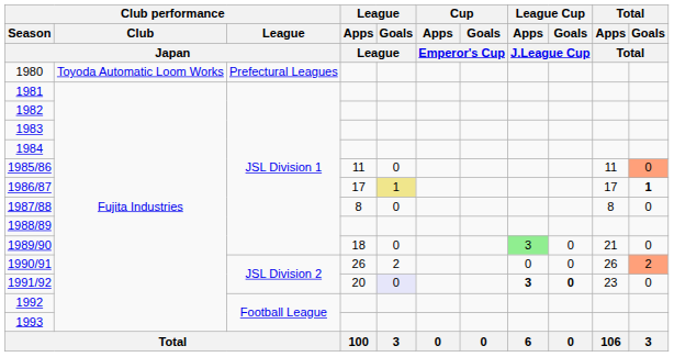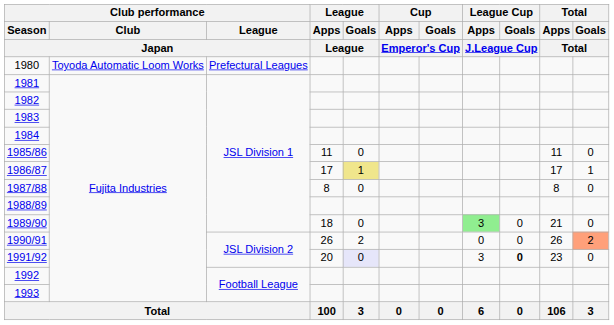 <table class="wikitable" style="text-align:center;">
 <tr>
 <th colspan=3>Club performance</th>
 <th colspan=2>League</th>
 <th colspan=2>Cup</th>
 <th colspan=2>League Cup</th>
 <th colspan=2>Total</th>
 </tr>
 <tr>
 <th>Season</th>
 <th>Club</th>
 <th>League</th>
 <th>Apps</th>
 <th>Goals</th>
 <th>Apps</th>
 <th>Goals</th>
 <th>Apps</th>
 <th>Goals</th>
 <th>Apps</th>
 <th>Goals</th>
 </tr>
 <tr>
 <th colspan=3>Japan</th>
 <th colspan=2>League</th>
 <th colspan=2><a href='#'>Emperor's Cup</a></th>
 <th colspan=2><a href='#'>J.League Cup</a></th>
 <th colspan=2>Total</th>
 </tr>
 <tr>
 <td>1980</td>
 <td><a href='#'>Toyoda Automatic Loom Works</a></td>
 <td><a href='#'>Prefectural Leagues</a></td>
 <td></td>
 <td></td>
 <td></td>
 <td></td>
 <td></td>
 <td></td>
 <td></td>
 <td></td>
 </tr>
 <tr>
 <td><a href='#'>1981</a></td>
 <td rowspan="13"><a href='#'>Fujita Industries</a></td>
 <td rowspan="9"><a href='#'>JSL Division 1</a></td>
 <td></td>
 <td></td>
 <td></td>
 <td></td>
 <td></td>
 <td></td>
 <td></td>
 <td></td>
 </tr>
 <tr>
 <td><a href='#'>1982</a></td>
 <td></td>
 <td></td>
 <td></td>
 <td></td>
 <td></td>
 <td></td>
 <td></td>
 <td></td>
 </tr>
 <tr>
 <td><a href='#'>1983</a></td>
 <td></td>
 <td></td>
 <td></td>
 <td></td>
 <td></td>
 <td></td>
 <td></td>
 <td></td>
 </tr>
 <tr>
 <td><a href='#'>1984</a></td>
 <td></td>
 <td></td>
 <td></td>
 <td></td>
 <td></td>
 <td></td>
 <td></td>
 <td></td>
 </tr>
 <tr>
 <td><a href='#'>1985/86</a></td>
 <td>11</td>
 <td>0</td>
 <td></td>
 <td></td>
 <td></td>
 <td></td>
 <td>11</td>
-<td style="background: lightsalmon;">0</td>
+<td>0</td>
 </tr>
 <tr>
 <td><a href='#'>1986/87</a></td>
 <td>17</td>
 <td style="background: khaki;">1</td>
 <td></td>
 <td></td>
 <td></td>
 <td></td>
 <td>17</td>
-<td><strong>1</strong></td>
+<td>1</td>
 </tr>
 <tr>
 <td><a href='#'>1987/88</a></td>
 <td>8</td>
 <td>0</td>
 <td></td>
 <td></td>
 <td></td>
 <td></td>
 <td>8</td>
 <td>0</td>
 </tr>
 <tr>
 <td><a href='#'>1988/89</a></td>
 <td></td>
 <td></td>
 <td></td>
 <td></td>
 <td></td>
 <td></td>
 <td></td>
 <td></td>
 </tr>
 <tr>
 <td><a href='#'>1989/90</a></td>
 <td>18</td>
 <td>0</td>
 <td></td>
 <td></td>
 <td style="background: lightgreen;">3</td>
 <td>0</td>
 <td>21</td>
 <td>0</td>
 </tr>
 <tr>
 <td><a href='#'>1990/91</a></td>
 <td rowspan="2"><a href='#'>JSL Division 2</a></td>
 <td>26</td>
 <td>2</td>
 <td></td>
 <td></td>
 <td>0</td>
 <td>0</td>
 <td>26</td>
 <td style="background: lightsalmon;">2</td>
 </tr>
 <tr>
 <td><a href='#'>1991/92</a></td>
 <td>20</td>
 <td style="background: lavender;">0</td>
 <td></td>
 <td></td>
-<td><strong>3</strong></td>
+<td>3</td>
 <td><strong>0</strong></td>
 <td>23</td>
 <td>0</td>
 </tr>
 <tr>
 <td><a href='#'>1992</a></td>
 <td rowspan="2"><a href='#'>Football League</a></td>
 <td></td>
 <td></td>
 <td></td>
 <td></td>
 <td></td>
 <td></td>
 <td></td>
 <td></td>
 </tr>
 <tr>
 <td><a href='#'>1993</a></td>
 <td></td>
 <td></td>
 <td></td>
 <td></td>
 <td></td>
 <td></td>
 <td></td>
 <td></td>
 </tr>
 <tr>
 <th colspan=3>Total</th>
 <th>100</th>
 <th>3</th>
 <th>0</th>
 <th>0</th>
 <th>6</th>
 <th>0</th>
 <th>106</th>
 <th>3</th>
 </tr>
 </table>
